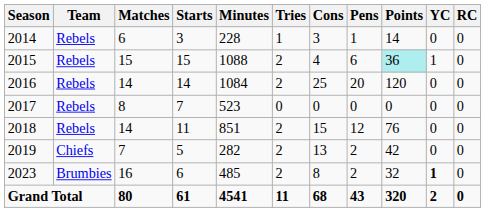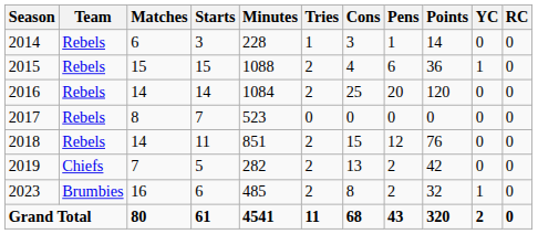 <table class="wikitable">
 <tr>
 <th>Season</th>
 <th>Team</th>
 <th>Matches</th>
 <th>Starts</th>
 <th>Minutes</th>
 <th>Tries</th>
 <th>Cons</th>
 <th>Pens</th>
 <th>Points</th>
 <th>YC</th>
 <th>RC</th>
 </tr>
 <tr>
 <td>2014</td>
 <td><a href='#'>Rebels</a></td>
 <td>6</td>
 <td>3</td>
 <td>228</td>
 <td>1</td>
 <td>3</td>
 <td>1</td>
 <td>14</td>
 <td>0</td>
 <td>0</td>
 </tr>
 <tr>
 <td>2015</td>
 <td><a href='#'>Rebels</a></td>
 <td>15</td>
 <td>15</td>
 <td>1088</td>
 <td>2</td>
 <td>4</td>
 <td>6</td>
-<td style="background: paleturquoise;">36</td>
+<td>36</td>
 <td>1</td>
 <td>0</td>
 </tr>
 <tr>
 <td>2016</td>
 <td><a href='#'>Rebels</a></td>
 <td>14</td>
 <td>14</td>
 <td>1084</td>
 <td>2</td>
 <td>25</td>
 <td>20</td>
 <td>120</td>
 <td>0</td>
 <td>0</td>
 </tr>
 <tr>
 <td>2017</td>
 <td><a href='#'>Rebels</a></td>
 <td>8</td>
 <td>7</td>
 <td>523</td>
 <td>0</td>
 <td>0</td>
 <td>0</td>
 <td>0</td>
 <td>0</td>
 <td>0</td>
 </tr>
 <tr>
 <td>2018</td>
 <td><a href='#'>Rebels</a></td>
 <td>14</td>
 <td>11</td>
 <td>851</td>
 <td>2</td>
 <td>15</td>
 <td>12</td>
 <td>76</td>
 <td>0</td>
 <td>0</td>
 </tr>
 <tr>
 <td>2019</td>
 <td><a href='#'>Chiefs</a></td>
 <td>7</td>
 <td>5</td>
 <td>282</td>
 <td>2</td>
 <td>13</td>
 <td>2</td>
 <td>42</td>
 <td>0</td>
 <td>0</td>
 </tr>
 <tr>
 <td>2023</td>
 <td><a href='#'>Brumbies</a></td>
 <td>16</td>
 <td>6</td>
 <td>485</td>
 <td>2</td>
 <td>8</td>
 <td>2</td>
 <td>32</td>
-<td><strong>1</strong></td>
+<td>1</td>
 <td>0</td>
 </tr>
 <tr>
 <td colspan="2" rowspan="1"><strong>Grand Total</strong></td>
 <td><strong>80</strong></td>
 <td><strong>61</strong></td>
 <td><strong>4541</strong></td>
 <td><strong>11</strong></td>
 <td><strong>68</strong></td>
 <td><strong>43</strong></td>
 <td><strong>320</strong></td>
 <td><strong>2</strong></td>
 <td><strong>0</strong></td>
 </tr>
 </table>
